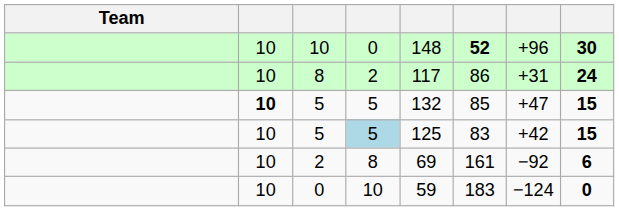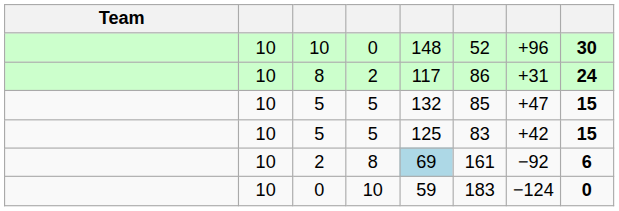 <table class=wikitable style="text-align:center">
 <tr>
 <th width=200>Team</th>
 <th width=40></th>
 <th width=40></th>
 <th width=40></th>
 <th width=40></th>
 <th width=40></th>
 <th width=40></th>
 <th width=40></th>
 </tr>
 <tr bgcolor=ccffcc>
 <td align=left></td>
 <td>10</td>
 <td>10</td>
 <td>0</td>
 <td>148</td>
-<td><strong>52</strong></td>
+<td>52</td>
 <td>+96</td>
 <td><strong>30</strong></td>
 </tr>
 <tr bgcolor=ccffcc>
 <td align=left></td>
 <td>10</td>
 <td>8</td>
 <td>2</td>
 <td>117</td>
 <td>86</td>
 <td>+31</td>
 <td><strong>24</strong></td>
 </tr>
 <tr>
 <td align=left></td>
-<td><strong>10</strong></td>
+<td>10</td>
 <td>5</td>
 <td>5</td>
 <td>132</td>
 <td>85</td>
 <td>+47</td>
 <td><strong>15</strong></td>
 </tr>
 <tr>
 <td align=left></td>
 <td>10</td>
 <td>5</td>
-<td style="background: lightblue;">5</td>
+<td>5</td>
 <td>125</td>
 <td>83</td>
 <td>+42</td>
 <td><strong>15</strong></td>
 </tr>
 <tr>
 <td align=left></td>
 <td>10</td>
 <td>2</td>
 <td>8</td>
-<td>69</td>
+<td style="background: lightblue;">69</td>
 <td>161</td>
 <td>−92</td>
 <td><strong>6</strong></td>
 </tr>
 <tr>
 <td align=left></td>
 <td>10</td>
 <td>0</td>
 <td>10</td>
 <td>59</td>
 <td>183</td>
 <td>−124</td>
 <td><strong>0</strong></td>
 </tr>
 </table>
